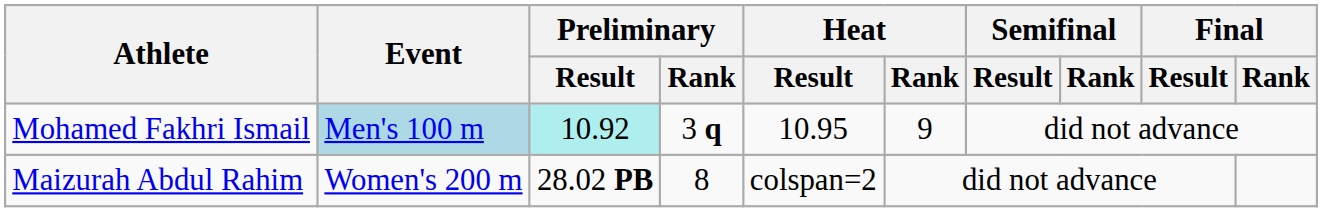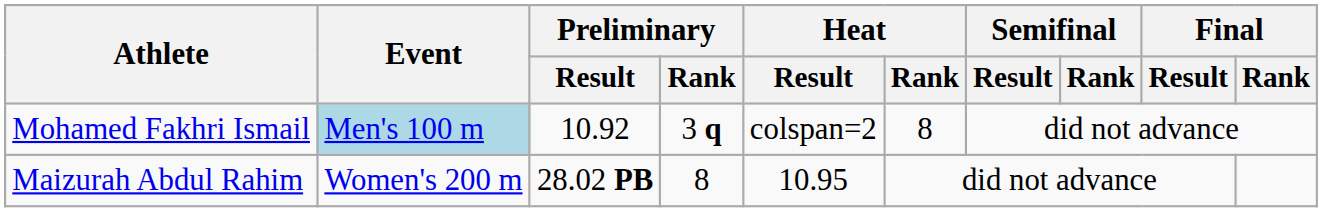 <table class="wikitable" style="font-size:90%">
 <tr>
 <th rowspan="2">Athlete</th>
 <th rowspan="2">Event</th>
 <th colspan="2">Preliminary</th>
 <th colspan="2">Heat</th>
 <th colspan="2">Semifinal</th>
 <th colspan="2">Final</th>
 </tr>
 <tr style="font-size:95%">
 <th>Result</th>
 <th>Rank</th>
 <th>Result</th>
 <th>Rank</th>
 <th>Result</th>
 <th>Rank</th>
 <th>Result</th>
 <th>Rank</th>
 </tr>
 <tr align=center>
 <td align=left><a href='#'>Mohamed Fakhri Ismail</a></td>
 <td align=left style="background: lightblue;"><a href='#'>Men's 100 m</a></td>
-<td style="background: paleturquoise;">10.92</td>
+<td>10.92</td>
 <td>3 <strong>q</strong></td>
-<td>10.95</td>
-<td>9</td>
+<td>colspan=2 </td>
+<td>8</td>
 <td colspan="4">did not advance</td>
 </tr>
 <tr align=center>
 <td align=left><a href='#'>Maizurah Abdul Rahim</a></td>
 <td align=left><a href='#'>Women's 200 m</a></td>
 <td>28.02 <strong>PB</strong></td>
 <td>8</td>
-<td>colspan=2 </td>
+<td>10.95</td>
 <td colspan=4>did not advance</td>
 </tr>
 </table>
